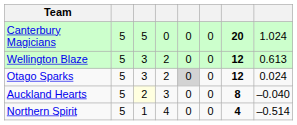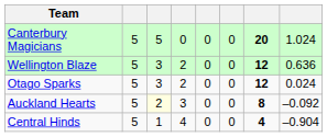 <table class="wikitable" style="text-align:center">
 <tr>
 <th width="150">Team</th>
 <th width="25"></th>
 <th width="25"></th>
 <th width="25"></th>
 <th width="25"></th>
 <th width="25"></th>
 <th width="40"></th>
 <th width="50"></th>
 </tr>
 <tr style="background:#cfc">
 <td style="text-align:left"><a href='#'>Canterbury Magicians</a></td>
 <td>5</td>
 <td>5</td>
 <td>0</td>
 <td>0</td>
 <td>0</td>
 <td><strong>20</strong></td>
 <td>1.024</td>
 </tr>
 <tr style="background:#cfc">
 <td style="text-align:left"><a href='#'>Wellington Blaze</a></td>
 <td>5</td>
 <td>3</td>
 <td>2</td>
 <td>0</td>
 <td>0</td>
 <td><strong>12</strong></td>
-<td>0.613</td>
+<td>0.636</td>
 </tr>
 <tr>
 <td style="text-align:left"><a href='#'>Otago Sparks</a></td>
 <td>5</td>
 <td>3</td>
 <td>2</td>
-<td style="background: lightgrey;">0</td>
+<td>0</td>
 <td>0</td>
 <td><strong>12</strong></td>
 <td>0.024</td>
 </tr>
 <tr>
 <td style="text-align:left"><a href='#'>Auckland Hearts</a></td>
 <td>5</td>
 <td style="background: lightyellow;">2</td>
 <td>3</td>
 <td>0</td>
 <td>0</td>
 <td><strong>8</strong></td>
-<td>–0.040</td>
+<td>–0.092</td>
 </tr>
 <tr>
-<td style="text-align:left"><a href='#'>Northern Spirit</a></td>
+<td style="text-align:left"><a href='#'>Central Hinds</a></td>
 <td>5</td>
 <td>1</td>
 <td>4</td>
 <td>0</td>
 <td>0</td>
 <td><strong>4</strong></td>
-<td>–0.514</td>
+<td>–0.904</td>
 </tr>
 </table>
